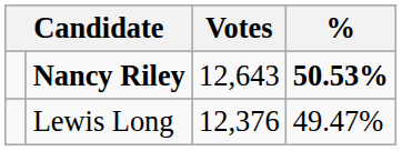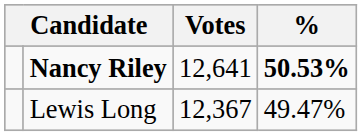 <table class="wikitable">
 <tr>
 <th colspan="2" rowspan="1" align="center" valign="top"><strong>Candidate</strong></th>
 <th valign="top"><strong>Votes</strong></th>
 <th valign="top"><strong>%</strong></th>
 </tr>
 <tr>
 <td style="background-color:"> </td>
 <td><strong>Nancy Riley</strong></td>
-<td>12,643</td>
+<td>12,641</td>
 <td><strong>50.53%</strong></td>
 </tr>
 <tr>
 <td style="background-color:"> </td>
 <td>Lewis Long</td>
-<td>12,376</td>
+<td>12,367</td>
 <td>49.47%</td>
 </tr>
 </table>
